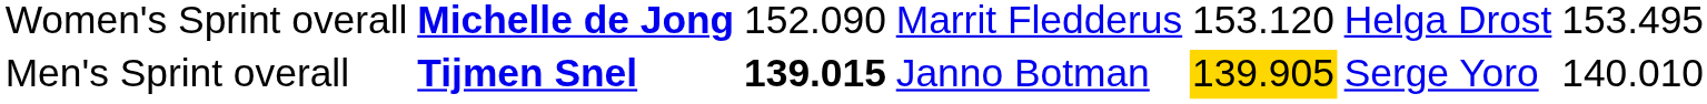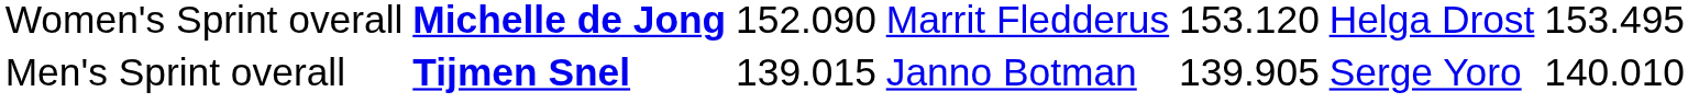 <table>
 <tr>
 <td>Women's Sprint overall</td>
 <td><strong><a href='#'>Michelle de Jong</a></strong></td>
 <td>152.090</td>
 <td><a href='#'>Marrit Fledderus</a></td>
 <td>153.120</td>
 <td><a href='#'>Helga Drost</a></td>
 <td>153.495</td>
 </tr>
 <tr>
 <td>Men's Sprint overall</td>
 <td><strong><a href='#'>Tijmen Snel</a></strong></td>
-<td><strong>139.015</strong></td>
+<td>139.015</td>
 <td><a href='#'>Janno Botman</a></td>
-<td style="background: gold;">139.905</td>
+<td>139.905</td>
 <td><a href='#'>Serge Yoro</a></td>
 <td>140.010</td>
 </tr>
 </table>
